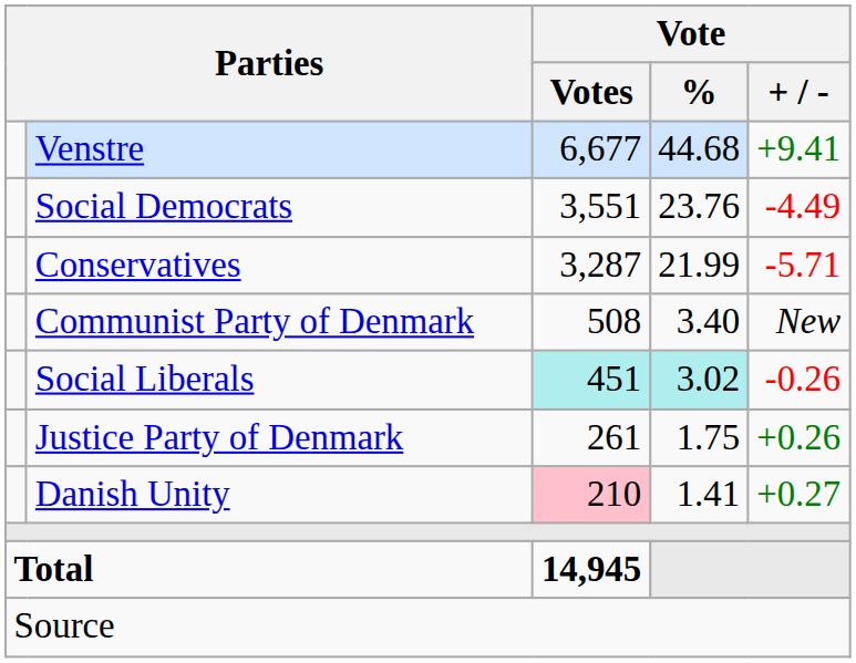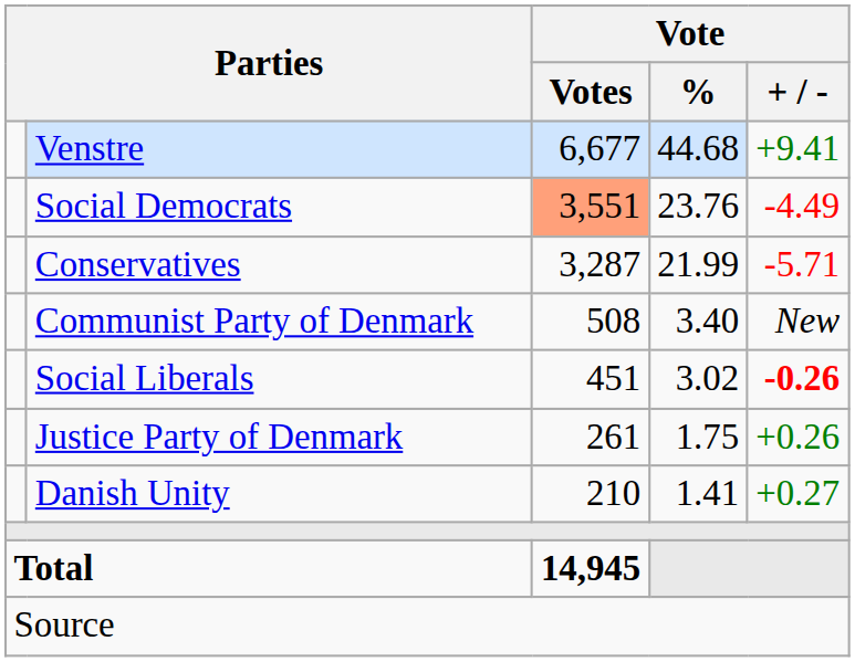 <table class="wikitable" style="text-align:right;">
 <tr>
 <th style="text-align:centre;" rowspan="2" colspan="2" width="225">Parties</th>
 <th colspan="3">Vote</th>
 </tr>
 <tr>
 <th width="15">Votes</th>
 <th width="15">%</th>
 <th width="15">+ / -</th>
 </tr>
 <tr>
 <td width="2" style="color:inherit;background:"></td>
 <td bgcolor=#cfe5fe  align="left"><a href='#'>Venstre</a></td>
 <td bgcolor=#cfe5fe>6,677</td>
 <td bgcolor=#cfe5fe>44.68</td>
 <td style=color:green;>+9.41</td>
 </tr>
 <tr>
 <td width="2" style="color:inherit;background:"></td>
 <td align="left"><a href='#'>Social Democrats</a></td>
-<td>3,551</td>
+<td style="background: lightsalmon;">3,551</td>
 <td>23.76</td>
 <td style=color:red;>-4.49</td>
 </tr>
 <tr>
 <td width="2" style="color:inherit;background:"></td>
 <td align="left"><a href='#'>Conservatives</a></td>
 <td>3,287</td>
 <td>21.99</td>
 <td style=color:red;>-5.71</td>
 </tr>
 <tr>
 <td width="2" style="color:inherit;background:"></td>
 <td align="left"><a href='#'>Communist Party of Denmark</a></td>
 <td>508</td>
 <td>3.40</td>
 <td><em>New</em></td>
 </tr>
 <tr>
 <td width="2" style="color:inherit;background:"></td>
 <td align="left"><a href='#'>Social Liberals</a></td>
-<td style="background: paleturquoise;">451</td>
-<td style="background: paleturquoise;">3.02</td>
-<td style=color:red;>-0.26</td>
+<td>451</td>
+<td>3.02</td>
+<td style=color:red;><strong>-0.26</strong></td>
 </tr>
 <tr>
 <td width="2" style="color:inherit;background:"></td>
 <td align="left"><a href='#'>Justice Party of Denmark</a></td>
 <td>261</td>
 <td>1.75</td>
 <td style=color:green;>+0.26</td>
 </tr>
 <tr>
 <td width="2" style="color:inherit;background:"></td>
 <td align="left"><a href='#'>Danish Unity</a></td>
-<td style="background: pink;">210</td>
+<td>210</td>
 <td>1.41</td>
 <td style=color:green;>+0.27</td>
 </tr>
 <tr>
 <td colspan="7" bgcolor="#E9E9E9"></td>
 </tr>
 <tr>
 <td align="left" colspan="2"><strong>Total</strong></td>
 <td><strong>14,945</strong></td>
 <td bgcolor="#E9E9E9" colspan="2"></td>
 </tr>
 <tr>
 <td align="left" colspan="6">Source</td>
 </tr>
 </table>
